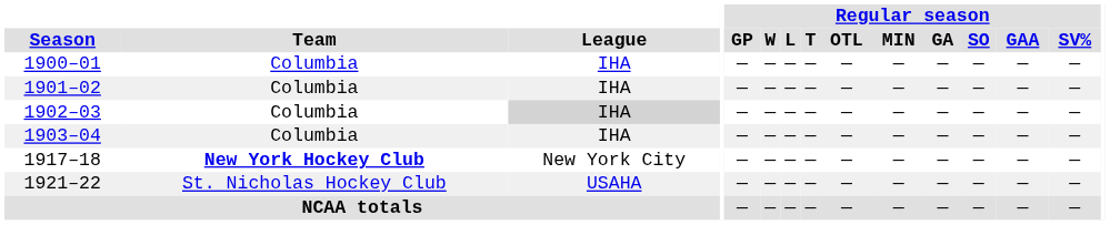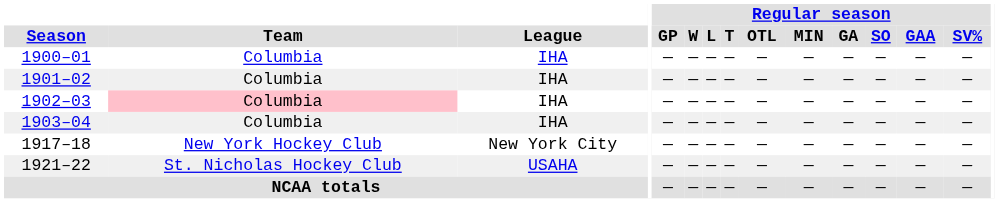 <table border="0" cellpadding="1" cellspacing="0" style="text-align:center; width:60em">
 <tr bgcolor="#e0e0e0">
 <th colspan="3" bgcolor="#ffffff"></th>
 <th rowspan="99" bgcolor="#ffffff"></th>
 <th colspan="10"><a href='#'>Regular season</a></th>
 <th rowspan="99" bgcolor="#ffffff"></th>
 </tr>
 <tr bgcolor="#e0e0e0">
 <th><a href='#'>Season</a></th>
 <th>Team</th>
 <th>League</th>
 <th>GP</th>
 <th>W</th>
 <th>L</th>
 <th>T</th>
 <th>OTL</th>
 <th>MIN</th>
 <th>GA</th>
 <th><a href='#'>SO</a></th>
 <th><a href='#'>GAA</a></th>
 <th><a href='#'>SV%</a></th>
 </tr>
 <tr>
 <td><a href='#'>1900–01</a></td>
 <td><a href='#'>Columbia</a></td>
 <td><a href='#'>IHA</a></td>
 <td>—</td>
 <td>—</td>
 <td>—</td>
 <td>—</td>
 <td>—</td>
 <td>—</td>
 <td>—</td>
 <td>—</td>
 <td>—</td>
 <td>—</td>
 </tr>
 <tr bgcolor="#f0f0f0">
 <td><a href='#'>1901–02</a></td>
 <td>Columbia</td>
 <td>IHA</td>
 <td>—</td>
 <td>—</td>
 <td>—</td>
 <td>—</td>
 <td>—</td>
 <td>—</td>
 <td>—</td>
 <td>—</td>
 <td>—</td>
 <td>—</td>
 </tr>
 <tr>
 <td><a href='#'>1902–03</a></td>
-<td>Columbia</td>
-<td style="background: lightgrey;">IHA</td>
+<td style="background: pink;">Columbia</td>
+<td>IHA</td>
 <td>—</td>
 <td>—</td>
 <td>—</td>
 <td>—</td>
 <td>—</td>
 <td>—</td>
 <td>—</td>
 <td>—</td>
 <td>—</td>
 <td>—</td>
 </tr>
 <tr bgcolor="#f0f0f0">
 <td><a href='#'>1903–04</a></td>
 <td>Columbia</td>
 <td>IHA</td>
 <td>—</td>
 <td>—</td>
 <td>—</td>
 <td>—</td>
 <td>—</td>
 <td>—</td>
 <td>—</td>
 <td>—</td>
 <td>—</td>
 <td>—</td>
 </tr>
 <tr>
 <td>1917–18</td>
-<td><strong><a href='#'>New York Hockey Club</a></strong></td>
+<td><a href='#'>New York Hockey Club</a></td>
 <td>New York City</td>
 <td>—</td>
 <td>—</td>
 <td>—</td>
 <td>—</td>
 <td>—</td>
 <td>—</td>
 <td>—</td>
 <td>—</td>
 <td>—</td>
 <td>—</td>
 </tr>
 <tr bgcolor="#f0f0f0">
 <td>1921–22</td>
 <td><a href='#'>St. Nicholas Hockey Club</a></td>
 <td><a href='#'>USAHA</a></td>
 <td>—</td>
 <td>—</td>
 <td>—</td>
 <td>—</td>
 <td>—</td>
 <td>—</td>
 <td>—</td>
 <td>—</td>
 <td>—</td>
 <td>—</td>
 </tr>
 <tr bgcolor="#e0e0e0">
 <th colspan="3">NCAA totals</th>
 <td>—</td>
 <td>—</td>
 <td>—</td>
 <td>—</td>
 <td>—</td>
 <td>—</td>
 <td>—</td>
 <td>—</td>
 <td>—</td>
 <td>—</td>
 </tr>
 </table>
